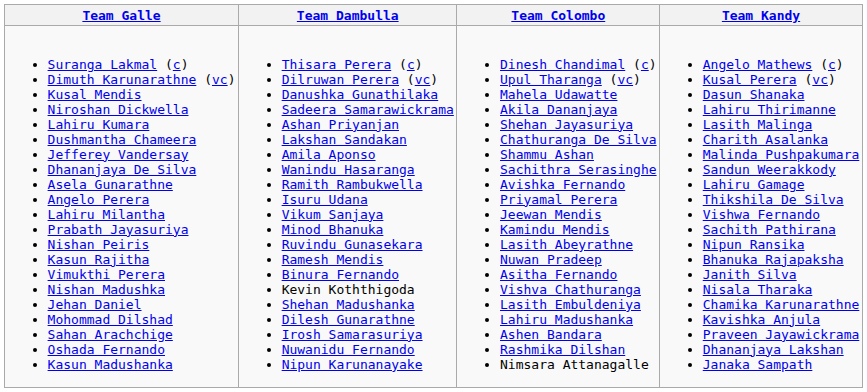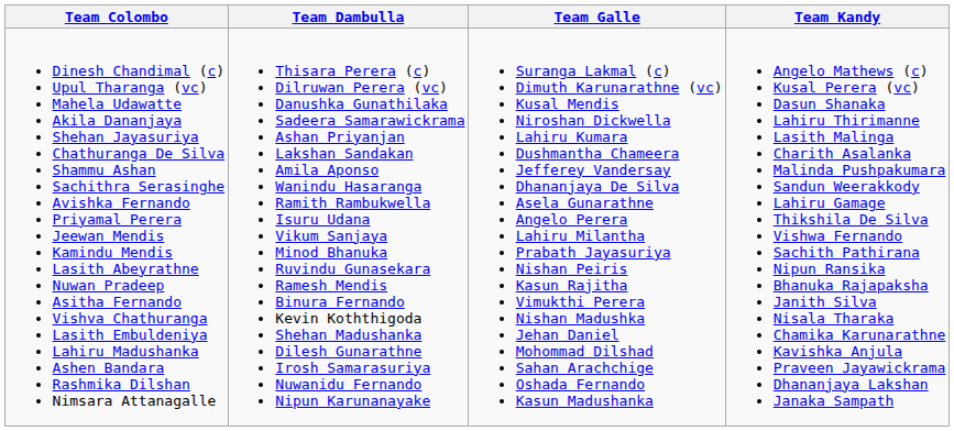 <table class="wikitable">
 <tr>
+<th><a href='#'>Team Colombo</a></th>
+<th><a href='#'>Team Dambulla</a></th>
 <th><a href='#'>Team Galle</a></th>
-<th><a href='#'>Team Dambulla</a></th>
-<th><a href='#'>Team Colombo</a></th>
 <th><a href='#'>Team Kandy</a></th>
 </tr>
 <tr>
+<td valign=top><br><ul><li><a href='#'>Dinesh Chandimal</a> (<a href='#'>c</a>)</li><li><a href='#'>Upul Tharanga</a> (<a href='#'>vc</a>)</li><li><a href='#'>Mahela Udawatte</a></li><li><a href='#'>Akila Dananjaya</a></li><li><a href='#'>Shehan Jayasuriya</a></li><li><a href='#'>Chathuranga De Silva</a></li><li><a href='#'>Shammu Ashan</a></li><li><a href='#'>Sachithra Serasinghe</a></li><li><a href='#'>Avishka Fernando</a></li><li><a href='#'>Priyamal Perera</a></li><li><a href='#'>Jeewan Mendis</a></li><li><a href='#'>Kamindu Mendis</a></li><li><a href='#'>Lasith Abeyrathne</a></li><li><a href='#'>Nuwan Pradeep</a></li><li><a href='#'>Asitha Fernando</a></li><li><a href='#'>Vishva Chathuranga</a></li><li><a href='#'>Lasith Embuldeniya</a></li><li><a href='#'>Lahiru Madushanka</a></li><li><a href='#'>Ashen Bandara</a></li><li><a href='#'>Rashmika Dilshan</a></li><li>Nimsara Attanagalle</li></ul></td>
+<td valign=top><br><ul><li><a href='#'>Thisara Perera</a> (<a href='#'>c</a>)</li><li><a href='#'>Dilruwan Perera</a> (<a href='#'>vc</a>)</li><li><a href='#'>Danushka Gunathilaka</a></li><li><a href='#'>Sadeera Samarawickrama</a></li><li><a href='#'>Ashan Priyanjan</a></li><li><a href='#'>Lakshan Sandakan</a></li><li><a href='#'>Amila Aponso</a></li><li><a href='#'>Wanindu Hasaranga</a></li><li><a href='#'>Ramith Rambukwella</a></li><li><a href='#'>Isuru Udana</a></li><li><a href='#'>Vikum Sanjaya</a></li><li><a href='#'>Minod Bhanuka</a></li><li><a href='#'>Ruvindu Gunasekara</a></li><li><a href='#'>Ramesh Mendis</a></li><li><a href='#'>Binura Fernando</a></li><li>Kevin Koththigoda</li><li><a href='#'>Shehan Madushanka</a></li><li><a href='#'>Dilesh Gunarathne</a></li><li><a href='#'>Irosh Samarasuriya</a></li><li><a href='#'>Nuwanidu Fernando</a></li><li><a href='#'>Nipun Karunanayake</a></li></ul></td>
 <td valign=top><br><ul><li><a href='#'>Suranga Lakmal</a> (<a href='#'>c</a>)</li><li><a href='#'>Dimuth Karunarathne</a> (<a href='#'>vc</a>)</li><li><a href='#'>Kusal Mendis</a></li><li><a href='#'>Niroshan Dickwella</a></li><li><a href='#'>Lahiru Kumara</a></li><li><a href='#'>Dushmantha Chameera</a></li><li><a href='#'>Jefferey Vandersay</a></li><li><a href='#'>Dhananjaya De Silva</a></li><li><a href='#'>Asela Gunarathne</a></li><li><a href='#'>Angelo Perera</a></li><li><a href='#'>Lahiru Milantha</a></li><li><a href='#'>Prabath Jayasuriya</a></li><li><a href='#'>Nishan Peiris</a></li><li><a href='#'>Kasun Rajitha</a></li><li><a href='#'>Vimukthi Perera</a></li><li><a href='#'>Nishan Madushka</a></li><li><a href='#'>Jehan Daniel</a></li><li><a href='#'>Mohommad Dilshad</a></li><li><a href='#'>Sahan Arachchige</a></li><li><a href='#'>Oshada Fernando</a></li><li><a href='#'>Kasun Madushanka</a></li></ul></td>
-<td valign=top><br><ul><li><a href='#'>Thisara Perera</a> (<a href='#'>c</a>)</li><li><a href='#'>Dilruwan Perera</a> (<a href='#'>vc</a>)</li><li><a href='#'>Danushka Gunathilaka</a></li><li><a href='#'>Sadeera Samarawickrama</a></li><li><a href='#'>Ashan Priyanjan</a></li><li><a href='#'>Lakshan Sandakan</a></li><li><a href='#'>Amila Aponso</a></li><li><a href='#'>Wanindu Hasaranga</a></li><li><a href='#'>Ramith Rambukwella</a></li><li><a href='#'>Isuru Udana</a></li><li><a href='#'>Vikum Sanjaya</a></li><li><a href='#'>Minod Bhanuka</a></li><li><a href='#'>Ruvindu Gunasekara</a></li><li><a href='#'>Ramesh Mendis</a></li><li><a href='#'>Binura Fernando</a></li><li>Kevin Koththigoda</li><li><a href='#'>Shehan Madushanka</a></li><li><a href='#'>Dilesh Gunarathne</a></li><li><a href='#'>Irosh Samarasuriya</a></li><li><a href='#'>Nuwanidu Fernando</a></li><li><a href='#'>Nipun Karunanayake</a></li></ul></td>
-<td valign=top><br><ul><li><a href='#'>Dinesh Chandimal</a> (<a href='#'>c</a>)</li><li><a href='#'>Upul Tharanga</a> (<a href='#'>vc</a>)</li><li><a href='#'>Mahela Udawatte</a></li><li><a href='#'>Akila Dananjaya</a></li><li><a href='#'>Shehan Jayasuriya</a></li><li><a href='#'>Chathuranga De Silva</a></li><li><a href='#'>Shammu Ashan</a></li><li><a href='#'>Sachithra Serasinghe</a></li><li><a href='#'>Avishka Fernando</a></li><li><a href='#'>Priyamal Perera</a></li><li><a href='#'>Jeewan Mendis</a></li><li><a href='#'>Kamindu Mendis</a></li><li><a href='#'>Lasith Abeyrathne</a></li><li><a href='#'>Nuwan Pradeep</a></li><li><a href='#'>Asitha Fernando</a></li><li><a href='#'>Vishva Chathuranga</a></li><li><a href='#'>Lasith Embuldeniya</a></li><li><a href='#'>Lahiru Madushanka</a></li><li><a href='#'>Ashen Bandara</a></li><li><a href='#'>Rashmika Dilshan</a></li><li>Nimsara Attanagalle</li></ul></td>
 <td valign=top><br><ul><li><a href='#'>Angelo Mathews</a> (<a href='#'>c</a>)</li><li><a href='#'>Kusal Perera</a> (<a href='#'>vc</a>)</li><li><a href='#'>Dasun Shanaka</a></li><li><a href='#'>Lahiru Thirimanne</a></li><li><a href='#'>Lasith Malinga</a></li><li><a href='#'>Charith Asalanka</a></li><li><a href='#'>Malinda Pushpakumara</a></li><li><a href='#'>Sandun Weerakkody</a></li><li><a href='#'>Lahiru Gamage</a></li><li><a href='#'>Thikshila De Silva</a></li><li><a href='#'>Vishwa Fernando</a></li><li><a href='#'>Sachith Pathirana</a></li><li><a href='#'>Nipun Ransika</a></li><li><a href='#'>Bhanuka Rajapaksha</a></li><li><a href='#'>Janith Silva</a></li><li><a href='#'>Nisala Tharaka</a></li><li><a href='#'>Chamika Karunarathne</a></li><li><a href='#'>Kavishka Anjula</a></li><li><a href='#'>Praveen Jayawickrama</a></li><li><a href='#'>Dhananjaya Lakshan</a></li><li><a href='#'>Janaka Sampath</a></li></ul></td>
 </tr>
 </table>
